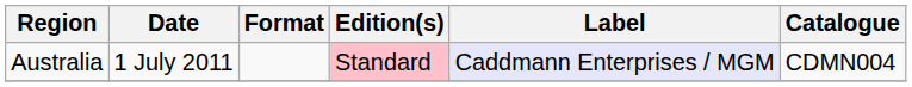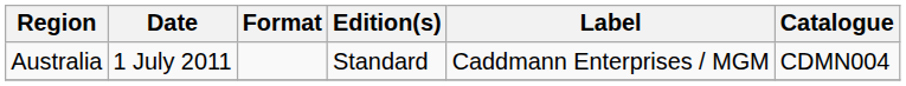 <table class="wikitable plainrowheaders">
 <tr>
 <th scope="col">Region</th>
 <th scope="col">Date</th>
 <th scope="col">Format</th>
 <th scope="col">Edition(s)</th>
 <th scope="col">Label</th>
 <th scope="col">Catalogue</th>
 </tr>
 <tr>
 <td>Australia</td>
 <td>1 July 2011</td>
 <td></td>
-<td style="background: pink;">Standard</td>
-<td style="background: lavender;">Caddmann Enterprises / MGM</td>
+<td>Standard</td>
+<td>Caddmann Enterprises / MGM</td>
 <td>CDMN004</td>
 </tr>
 <tr>
 </tr>
 </table>
